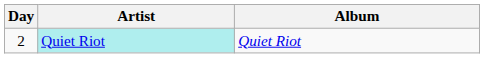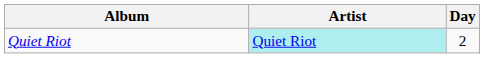 <table class="wikitable" border="1">
 <tr>
+<th width="250">Album</th>
+<th width="200">Artist</th>
 <th>Day</th>
-<th width="200">Artist</th>
-<th width="250">Album</th>
 </tr>
 <tr>
+<td><em><a href='#'>Quiet Riot</a></em></td>
+<td style="background: paleturquoise;"><a href='#'>Quiet Riot</a></td>
 <td style="text-align:center;" rowspan="1">2</td>
-<td style="background: paleturquoise;"><a href='#'>Quiet Riot</a></td>
-<td><em><a href='#'>Quiet Riot</a></em></td>
 </tr>
 </table>
